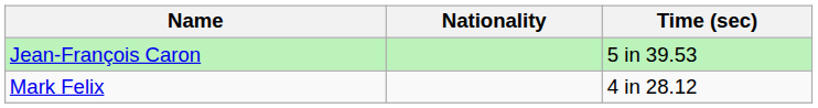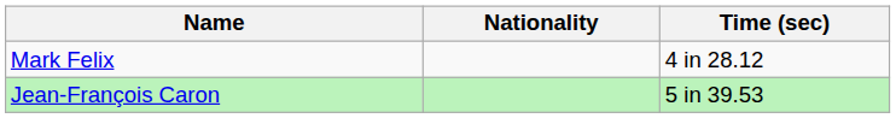 <table class="wikitable" style="display: inline-table;width: 50%;">
 <tr>
 <th>Name</th>
 <th>Nationality</th>
 <th>Time (sec)</th>
 </tr>
+<tr>
+<td><a href='#'>Mark Felix</a></td>
+<td></td>
+<td>4 in 28.12</td>
+</tr>
 <tr bgcolor=bbf3bb>
 <td><a href='#'>Jean-François Caron</a></td>
 <td></td>
 <td>5 in 39.53</td>
 </tr>
-<tr>
-<td><a href='#'>Mark Felix</a></td>
-<td></td>
-<td>4 in 28.12</td>
-</tr>
 </table>
